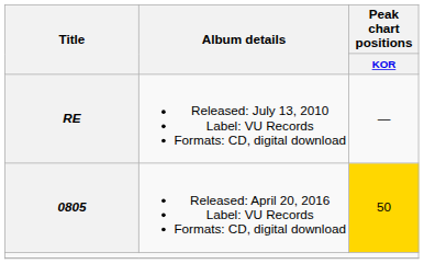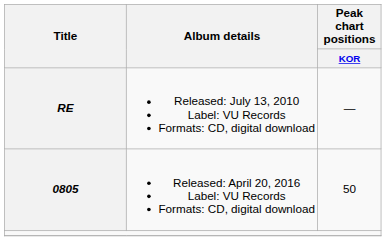 <table class="wikitable plainrowheaders" style="text-align:center;">
 <tr>
 <th scope="col" rowspan="2" style="width:10em;">Title</th>
 <th scope="col" rowspan="2">Album details</th>
 <th scope="col" colspan="1" style="width:5em;">Peak chart positions</th>
 </tr>
 <tr>
 <th><small><a href='#'>KOR</a></small><br></th>
 </tr>
 <tr>
 <th scope="row"><em>RE</em></th>
 <td><br><ul><li>Released: July 13, 2010</li><li>Label: VU Records</li><li>Formats: CD, digital download</li></ul></td>
 <td>—</td>
 </tr>
 <tr>
 <th scope="row"><em>0805</em></th>
 <td><br><ul><li>Released: April 20, 2016</li><li>Label: VU Records</li><li>Formats: CD, digital download</li></ul></td>
-<td style="background: gold;">50</td>
+<td>50</td>
 </tr>
 <tr>
 <td colspan="3"></td>
 </tr>
 <tr>
 </tr>
 </table>
